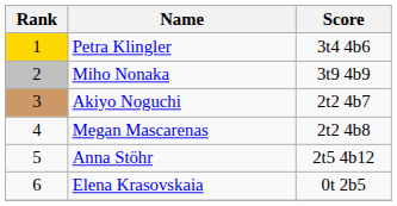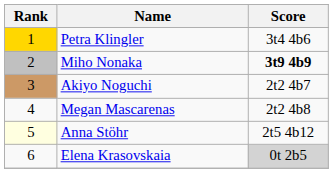 <table class="wikitable">
 <tr>
 <th width = "50">Rank</th>
 <th width = "200">Name</th>
 <th width = "80">Score</th>
 </tr>
 <tr>
 <td align="center" style="background: gold">1</td>
 <td> <a href='#'>Petra Klingler</a></td>
 <td align="center">3t4 4b6</td>
 </tr>
 <tr>
 <td align="center" style="background: silver">2</td>
 <td> <a href='#'>Miho Nonaka</a></td>
-<td align="center">3t9 4b9</td>
+<td align="center"><strong>3t9 4b9</strong></td>
 </tr>
 <tr>
 <td align="center" style="background: #cc9966">3</td>
 <td> <a href='#'>Akiyo Noguchi</a></td>
 <td align="center">2t2 4b7</td>
 </tr>
 <tr>
 <td align="center">4</td>
 <td> <a href='#'>Megan Mascarenas</a></td>
 <td align="center">2t2 4b8</td>
 </tr>
 <tr>
-<td align="center">5</td>
+<td align="center" style="background: lightyellow;">5</td>
 <td> <a href='#'>Anna Stöhr</a></td>
 <td align="center">2t5 4b12</td>
 </tr>
 <tr>
 <td align="center">6</td>
 <td> <a href='#'>Elena Krasovskaia</a></td>
-<td align="center">0t 2b5</td>
+<td align="center" style="background: lightgrey;">0t 2b5</td>
 </tr>
 <tr>
 </tr>
 </table>
